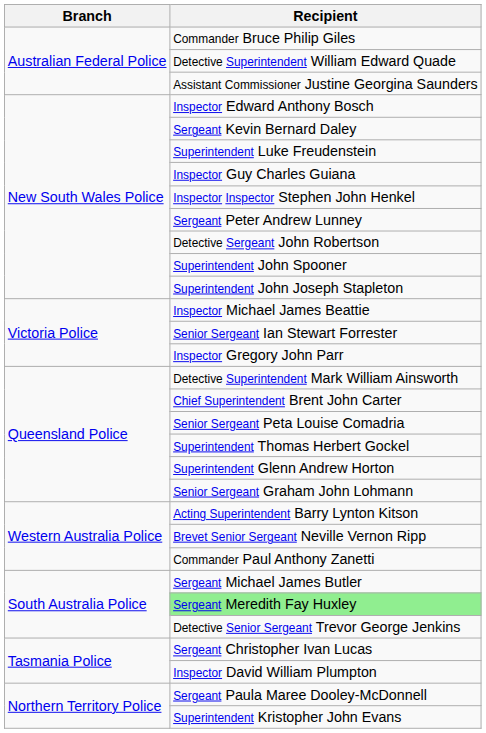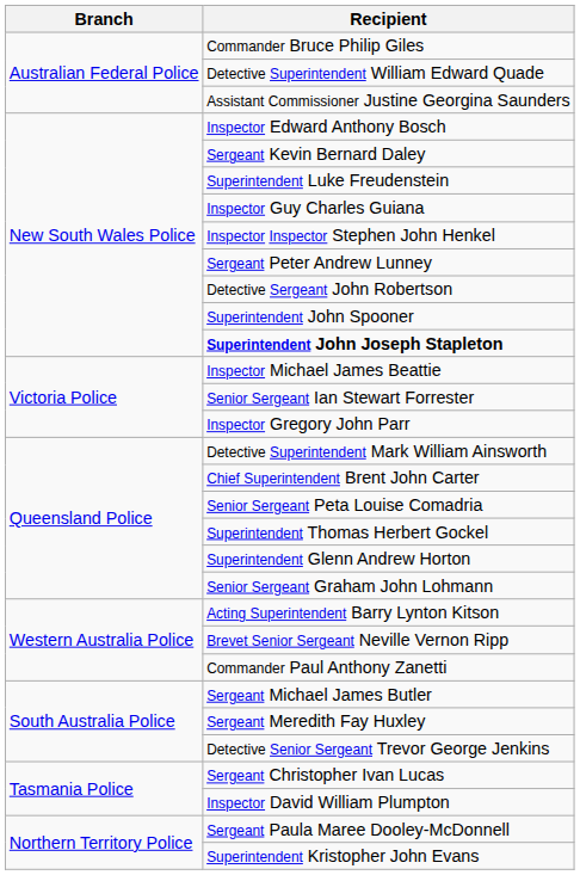 <table class="wikitable" style="font-size:95%;">
 <tr>
 <th>Branch</th>
 <th>Recipient</th>
 </tr>
 <tr>
 <td rowspan="3"><a href='#'>Australian Federal Police</a></td>
 <td><small>Commander</small> Bruce Philip Giles</td>
 </tr>
 <tr>
 <td><small>Detective <a href='#'>Superintendent</a></small> William Edward Quade</td>
 </tr>
 <tr>
 <td><small>Assistant Commissioner</small> Justine Georgina Saunders</td>
 </tr>
 <tr>
 <td rowspan="9"><a href='#'>New South Wales Police</a></td>
 <td><small><a href='#'>Inspector</a></small> Edward Anthony Bosch</td>
 </tr>
 <tr>
 <td><small><a href='#'>Sergeant</a></small> Kevin Bernard Daley</td>
 </tr>
 <tr>
 <td><small><a href='#'>Superintendent</a></small> Luke Freudenstein</td>
 </tr>
 <tr>
 <td><small><a href='#'>Inspector</a></small> Guy Charles Guiana</td>
 </tr>
 <tr>
 <td><small><a href='#'>Inspector</a> <a href='#'>Inspector</a></small> Stephen John Henkel</td>
 </tr>
 <tr>
 <td><small><a href='#'>Sergeant</a></small> Peter Andrew Lunney</td>
 </tr>
 <tr>
 <td><small>Detective <a href='#'>Sergeant</a></small> John Robertson</td>
 </tr>
 <tr>
 <td><small><a href='#'>Superintendent</a></small> John Spooner</td>
 </tr>
 <tr>
-<td><small><a href='#'>Superintendent</a></small> John Joseph Stapleton</td>
+<td><strong><small><a href='#'>Superintendent</a></small> John Joseph Stapleton</strong></td>
 </tr>
 <tr>
 <td rowspan="3"><a href='#'>Victoria Police</a></td>
 <td><small><a href='#'>Inspector</a></small> Michael James Beattie</td>
 </tr>
 <tr>
 <td><small><a href='#'>Senior Sergeant</a></small>  Ian Stewart Forrester</td>
 </tr>
 <tr>
 <td><small><a href='#'>Inspector</a></small> Gregory John Parr</td>
 </tr>
 <tr>
 <td rowspan="6"><a href='#'>Queensland Police</a></td>
 <td><small>Detective <a href='#'>Superintendent</a></small> Mark William Ainsworth</td>
 </tr>
 <tr>
 <td><small><a href='#'>Chief Superintendent</a></small> Brent John Carter</td>
 </tr>
 <tr>
 <td><small><a href='#'>Senior Sergeant</a></small> Peta Louise Comadria</td>
 </tr>
 <tr>
 <td><small><a href='#'>Superintendent</a></small> Thomas Herbert Gockel</td>
 </tr>
 <tr>
 <td><small><a href='#'>Superintendent</a></small> Glenn Andrew Horton</td>
 </tr>
 <tr>
 <td><small><a href='#'>Senior Sergeant</a></small> Graham John Lohmann</td>
 </tr>
 <tr>
 <td rowspan="3"><a href='#'>Western Australia Police</a></td>
 <td><small><a href='#'>Acting Superintendent</a></small> Barry Lynton Kitson</td>
 </tr>
 <tr>
 <td><small><a href='#'>Brevet Senior Sergeant</a></small> Neville Vernon Ripp</td>
 </tr>
 <tr>
 <td><small>Commander</small> Paul Anthony Zanetti</td>
 </tr>
 <tr>
 <td rowspan="3"><a href='#'>South Australia Police</a></td>
 <td><small><a href='#'>Sergeant</a></small> Michael James Butler</td>
 </tr>
 <tr>
-<td style="background: lightgreen;"><small><a href='#'>Sergeant</a></small> Meredith Fay Huxley</td>
+<td><small><a href='#'>Sergeant</a></small> Meredith Fay Huxley</td>
 </tr>
 <tr>
 <td><small>Detective <a href='#'>Senior Sergeant</a></small> Trevor George Jenkins</td>
 </tr>
 <tr>
 <td rowspan="2"><a href='#'>Tasmania Police</a></td>
 <td><small><a href='#'>Sergeant</a></small> Christopher Ivan Lucas</td>
 </tr>
 <tr>
 <td><small><a href='#'>Inspector</a></small> David William Plumpton</td>
 </tr>
 <tr>
 <td rowspan="2"><a href='#'>Northern Territory Police</a></td>
 <td><small><a href='#'>Sergeant</a></small> Paula Maree Dooley-McDonnell</td>
 </tr>
 <tr>
 <td><small><a href='#'>Superintendent</a></small> Kristopher John Evans</td>
 </tr>
 </table>
